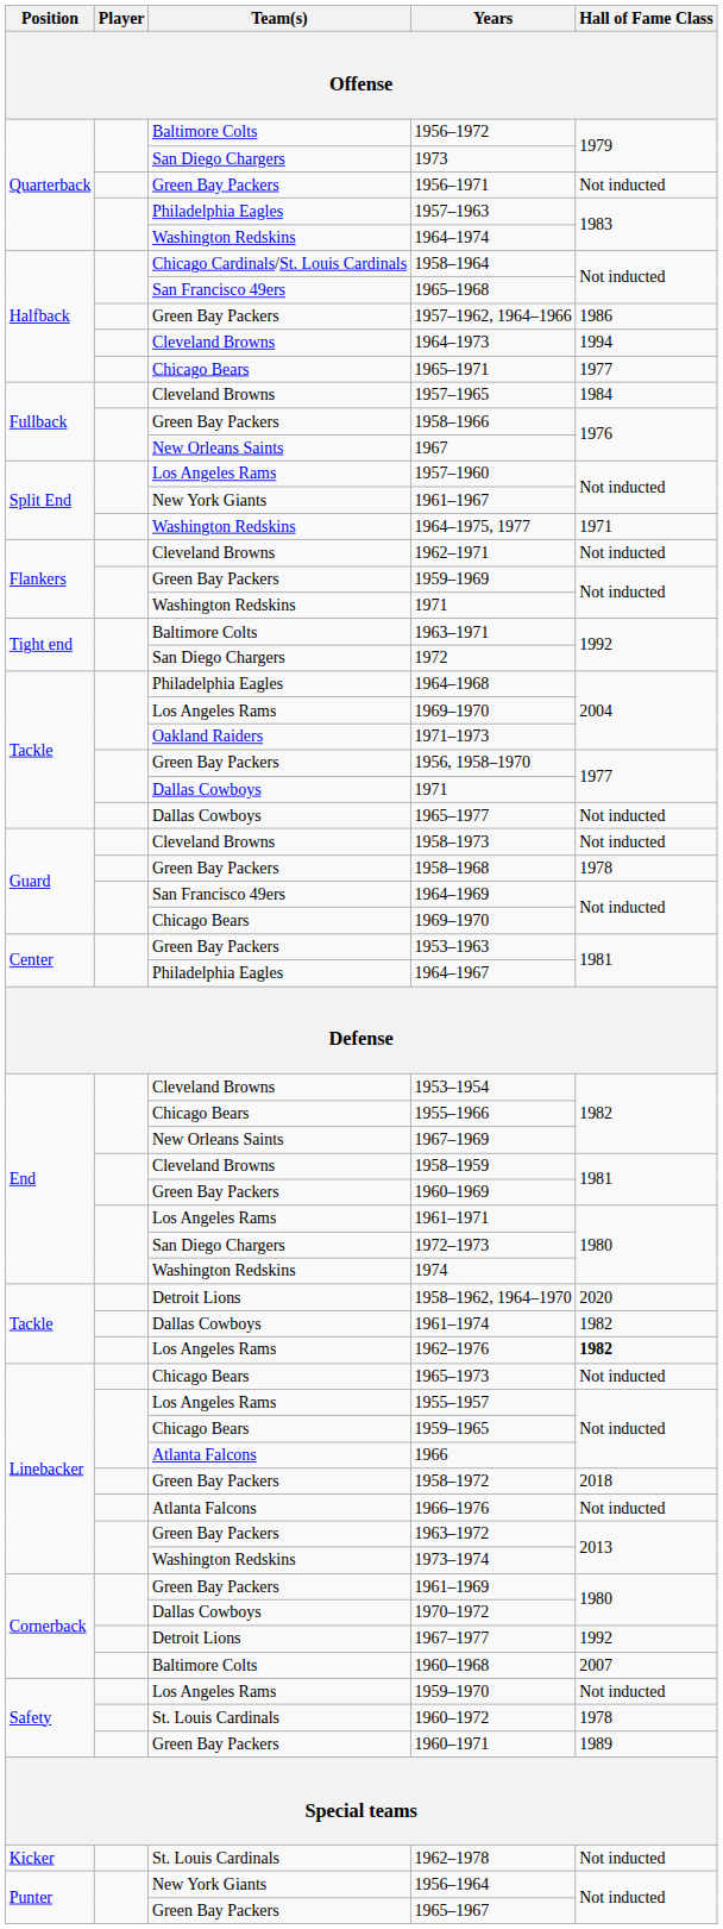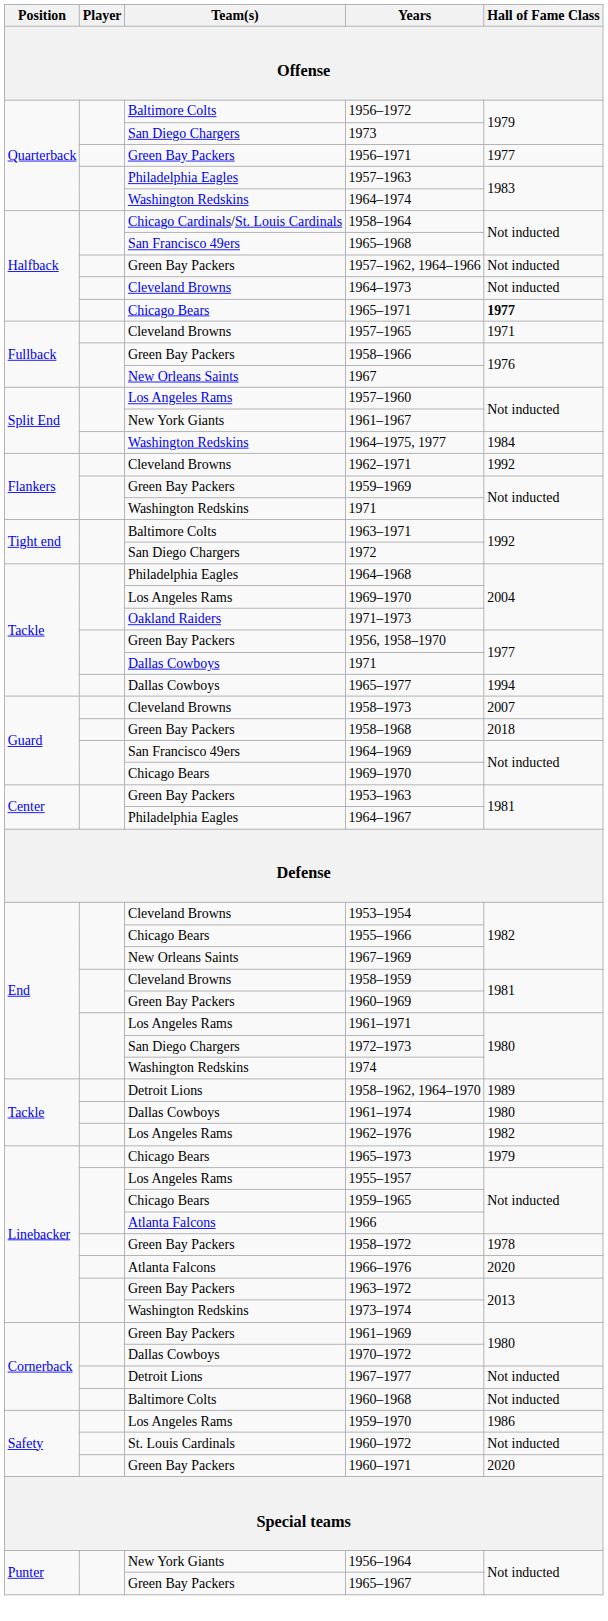 <table class="wikitable sortable">
 <tr>
 <th>Position</th>
 <th>Player</th>
 <th>Team(s)</th>
 <th>Years</th>
 <th>Hall of Fame Class</th>
 </tr>
 <tr>
 <th colspan="5"><br><h3>Offense</h3></th>
 </tr>
 <tr>
 <td rowspan=5><a href='#'>Quarterback</a></td>
 <td rowspan=2></td>
 <td><a href='#'>Baltimore Colts</a></td>
 <td>1956–1972</td>
 <td rowspan=2>1979</td>
 </tr>
 <tr>
 <td><a href='#'>San Diego Chargers</a></td>
 <td>1973</td>
 </tr>
 <tr>
 <td></td>
 <td><a href='#'>Green Bay Packers</a></td>
 <td>1956–1971</td>
-<td>Not inducted</td>
+<td>1977</td>
 </tr>
 <tr>
 <td rowspan=2></td>
 <td><a href='#'>Philadelphia Eagles</a></td>
 <td>1957–1963</td>
 <td rowspan=2>1983</td>
 </tr>
 <tr>
 <td><a href='#'>Washington Redskins</a></td>
 <td>1964–1974</td>
 </tr>
 <tr>
 <td rowspan=5><a href='#'>Halfback</a></td>
 <td rowspan=2></td>
 <td><a href='#'>Chicago Cardinals</a>/<a href='#'>St. Louis Cardinals</a></td>
 <td>1958–1964</td>
 <td rowspan=2>Not inducted</td>
 </tr>
 <tr>
 <td><a href='#'>San Francisco 49ers</a></td>
 <td>1965–1968</td>
 </tr>
 <tr>
 <td></td>
 <td>Green Bay Packers</td>
 <td>1957–1962, 1964–1966</td>
-<td>1986</td>
+<td>Not inducted</td>
 </tr>
 <tr>
 <td></td>
 <td><a href='#'>Cleveland Browns</a></td>
 <td>1964–1973</td>
-<td>1994</td>
+<td>Not inducted</td>
 </tr>
 <tr>
 <td></td>
 <td><a href='#'>Chicago Bears</a></td>
 <td>1965–1971</td>
-<td>1977</td>
+<td><strong>1977</strong></td>
 </tr>
 <tr>
 <td rowspan=3><a href='#'>Fullback</a></td>
 <td></td>
 <td>Cleveland Browns</td>
 <td>1957–1965</td>
-<td>1984</td>
+<td>1971</td>
 </tr>
 <tr>
 <td rowspan=2></td>
 <td>Green Bay Packers</td>
 <td>1958–1966</td>
 <td rowspan=2>1976</td>
 </tr>
 <tr>
 <td><a href='#'>New Orleans Saints</a></td>
 <td>1967</td>
 </tr>
 <tr>
 <td rowspan=3><a href='#'>Split End</a></td>
 <td rowspan=2></td>
 <td><a href='#'>Los Angeles Rams</a></td>
 <td>1957–1960</td>
 <td rowspan=2>Not inducted</td>
 </tr>
 <tr>
 <td>New York Giants</td>
 <td>1961–1967</td>
 </tr>
 <tr>
 <td></td>
 <td><a href='#'>Washington Redskins</a></td>
 <td>1964–1975, 1977</td>
-<td>1971</td>
+<td>1984</td>
 </tr>
 <tr>
 <td rowspan=3><a href='#'>Flankers</a></td>
 <td></td>
 <td>Cleveland Browns</td>
 <td>1962–1971</td>
-<td>Not inducted</td>
+<td>1992</td>
 </tr>
 <tr>
 <td rowspan=2></td>
 <td>Green Bay Packers</td>
 <td>1959–1969</td>
 <td rowspan=2>Not inducted</td>
 </tr>
 <tr>
 <td>Washington Redskins</td>
 <td>1971</td>
 </tr>
 <tr>
 <td rowspan=2><a href='#'>Tight end</a></td>
 <td rowspan=2></td>
 <td>Baltimore Colts</td>
 <td>1963–1971</td>
 <td rowspan=2>1992</td>
 </tr>
 <tr>
 <td>San Diego Chargers</td>
 <td>1972</td>
 </tr>
 <tr>
 <td rowspan=6><a href='#'>Tackle</a></td>
 <td rowspan=3></td>
 <td>Philadelphia Eagles</td>
 <td>1964–1968</td>
 <td rowspan=3>2004</td>
 </tr>
 <tr>
 <td>Los Angeles Rams</td>
 <td>1969–1970</td>
 </tr>
 <tr>
 <td><a href='#'>Oakland Raiders</a></td>
 <td>1971–1973</td>
 </tr>
 <tr>
 <td rowspan=2></td>
 <td>Green Bay Packers</td>
 <td>1956, 1958–1970</td>
 <td rowspan=2>1977</td>
 </tr>
 <tr>
 <td><a href='#'>Dallas Cowboys</a></td>
 <td>1971</td>
 </tr>
 <tr>
 <td></td>
 <td>Dallas Cowboys</td>
 <td>1965–1977</td>
-<td>Not inducted</td>
+<td>1994</td>
 </tr>
 <tr>
 <td rowspan=4><a href='#'>Guard</a></td>
 <td></td>
 <td>Cleveland Browns</td>
 <td>1958–1973</td>
-<td>Not inducted</td>
+<td>2007</td>
 </tr>
 <tr>
 <td></td>
 <td>Green Bay Packers</td>
 <td>1958–1968</td>
-<td>1978</td>
+<td>2018</td>
 </tr>
 <tr>
 <td rowspan=2></td>
 <td>San Francisco 49ers</td>
 <td>1964–1969</td>
 <td rowspan=2>Not inducted</td>
 </tr>
 <tr>
 <td>Chicago Bears</td>
 <td>1969–1970</td>
 </tr>
 <tr>
 <td rowspan=2><a href='#'>Center</a></td>
 <td rowspan=2></td>
 <td>Green Bay Packers</td>
 <td>1953–1963</td>
 <td rowspan=2>1981</td>
 </tr>
 <tr>
 <td>Philadelphia Eagles</td>
 <td>1964–1967</td>
 </tr>
 <tr>
 <th colspan="5"><br><h3>Defense</h3></th>
 </tr>
 <tr>
 <td rowspan=8><a href='#'>End</a></td>
 <td rowspan=3></td>
 <td>Cleveland Browns</td>
 <td>1953–1954</td>
 <td rowspan=3>1982</td>
 </tr>
 <tr>
 <td>Chicago Bears</td>
 <td>1955–1966</td>
 </tr>
 <tr>
 <td>New Orleans Saints</td>
 <td>1967–1969</td>
 </tr>
 <tr>
 <td rowspan=2></td>
 <td>Cleveland Browns</td>
 <td>1958–1959</td>
 <td rowspan=2>1981</td>
 </tr>
 <tr>
 <td>Green Bay Packers</td>
 <td>1960–1969</td>
 </tr>
 <tr>
 <td rowspan=3></td>
 <td>Los Angeles Rams</td>
 <td>1961–1971</td>
 <td rowspan=3>1980</td>
 </tr>
 <tr>
 <td>San Diego Chargers</td>
 <td>1972–1973</td>
 </tr>
 <tr>
 <td>Washington Redskins</td>
 <td>1974</td>
 </tr>
 <tr>
 <td rowspan=3><a href='#'>Tackle</a></td>
 <td></td>
 <td>Detroit Lions</td>
 <td>1958–1962, 1964–1970</td>
-<td>2020</td>
+<td>1989</td>
 </tr>
 <tr>
 <td></td>
 <td>Dallas Cowboys</td>
 <td>1961–1974</td>
-<td>1982</td>
+<td>1980</td>
 </tr>
 <tr>
 <td></td>
 <td>Los Angeles Rams</td>
 <td>1962–1976</td>
-<td><strong>1982</strong></td>
+<td>1982</td>
 </tr>
 <tr>
 <td rowspan=8><a href='#'>Linebacker</a></td>
 <td></td>
 <td>Chicago Bears</td>
 <td>1965–1973</td>
-<td>Not inducted</td>
+<td>1979</td>
 </tr>
 <tr>
 <td rowspan=3></td>
 <td>Los Angeles Rams</td>
 <td>1955–1957</td>
 <td rowspan=3>Not inducted</td>
 </tr>
 <tr>
 <td>Chicago Bears</td>
 <td>1959–1965</td>
 </tr>
 <tr>
 <td><a href='#'>Atlanta Falcons</a></td>
 <td>1966</td>
 </tr>
 <tr>
 <td></td>
 <td>Green Bay Packers</td>
 <td>1958–1972</td>
-<td>2018</td>
+<td>1978</td>
 </tr>
 <tr>
 <td></td>
 <td>Atlanta Falcons</td>
 <td>1966–1976</td>
-<td>Not inducted</td>
+<td>2020</td>
 </tr>
 <tr>
 <td rowspan=2></td>
 <td>Green Bay Packers</td>
 <td>1963–1972</td>
 <td rowspan=2>2013</td>
 </tr>
 <tr>
 <td>Washington Redskins</td>
 <td>1973–1974</td>
 </tr>
 <tr>
 <td rowspan=4><a href='#'>Cornerback</a></td>
 <td rowspan=2></td>
 <td>Green Bay Packers</td>
 <td>1961–1969</td>
 <td rowspan=2>1980</td>
 </tr>
 <tr>
 <td>Dallas Cowboys</td>
 <td>1970–1972</td>
 </tr>
 <tr>
 <td></td>
 <td>Detroit Lions</td>
 <td>1967–1977</td>
-<td>1992</td>
+<td>Not inducted</td>
 </tr>
 <tr>
 <td></td>
 <td>Baltimore Colts</td>
 <td>1960–1968</td>
-<td>2007</td>
+<td>Not inducted</td>
 </tr>
 <tr>
 <td rowspan=3><a href='#'>Safety</a></td>
 <td></td>
 <td>Los Angeles Rams</td>
 <td>1959–1970</td>
-<td>Not inducted</td>
+<td>1986</td>
 </tr>
 <tr>
 <td></td>
 <td>St. Louis Cardinals</td>
 <td>1960–1972</td>
-<td>1978</td>
+<td>Not inducted</td>
 </tr>
 <tr>
 <td></td>
 <td>Green Bay Packers</td>
 <td>1960–1971</td>
-<td>1989</td>
+<td>2020</td>
 </tr>
 <tr>
 <th colspan="5"><br><h3>Special teams</h3></th>
-</tr>
-<tr>
-<td><a href='#'>Kicker</a></td>
-<td></td>
-<td>St. Louis Cardinals</td>
-<td>1962–1978</td>
-<td>Not inducted</td>
 </tr>
 <tr>
 <td rowspan=2><a href='#'>Punter</a></td>
 <td rowspan=2></td>
 <td>New York Giants</td>
 <td>1956–1964</td>
 <td rowspan=2>Not inducted</td>
 </tr>
 <tr>
 <td>Green Bay Packers</td>
 <td>1965–1967</td>
 </tr>
 </table>
